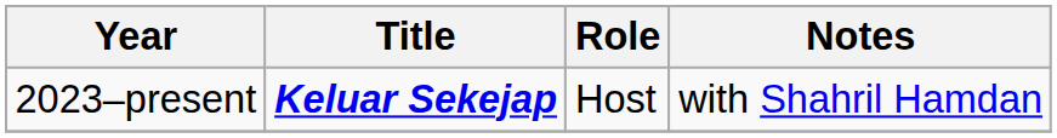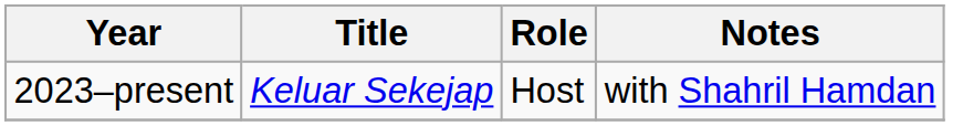 <table class="wikitable">
 <tr>
 <th>Year</th>
 <th>Title</th>
 <th>Role</th>
 <th>Notes</th>
 </tr>
 <tr>
 <td>2023–present</td>
-<td><strong><em><a href='#'>Keluar Sekejap</a></em></strong></td>
+<td><em><a href='#'>Keluar Sekejap</a></em></td>
 <td>Host</td>
 <td>with <a href='#'>Shahril Hamdan</a></td>
 </tr>
 <tr>
 </tr>
 </table>
